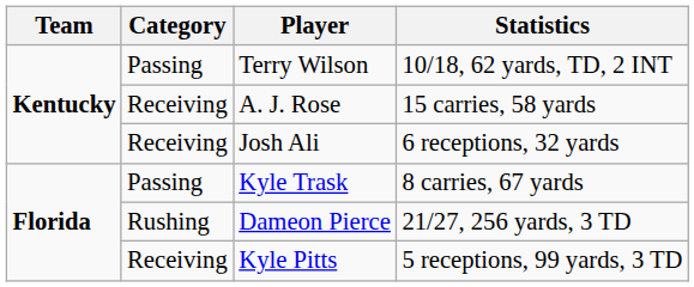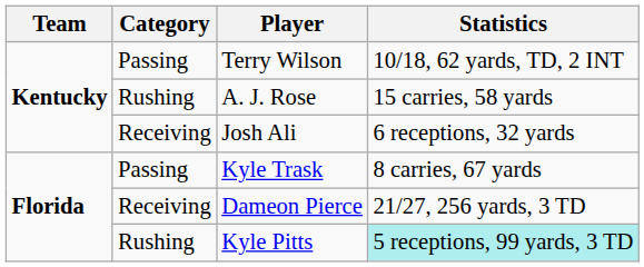 <table class="wikitable" style="float: right;">
 <tr>
 <th>Team</th>
 <th>Category</th>
 <th>Player</th>
 <th>Statistics</th>
 </tr>
 <tr>
 <td rowspan=3><strong>Kentucky</strong></td>
 <td>Passing</td>
 <td>Terry Wilson</td>
 <td>10/18, 62 yards, TD, 2 INT</td>
 </tr>
 <tr>
-<td>Receiving</td>
+<td>Rushing</td>
 <td>A. J. Rose</td>
 <td>15 carries, 58 yards</td>
 </tr>
 <tr>
 <td>Receiving</td>
 <td>Josh Ali</td>
 <td>6 receptions, 32 yards</td>
 </tr>
 <tr>
 <td rowspan=3><strong>Florida</strong></td>
 <td>Passing</td>
 <td><a href='#'>Kyle Trask</a></td>
 <td>8 carries, 67 yards</td>
 </tr>
 <tr>
-<td>Rushing</td>
+<td>Receiving</td>
 <td><a href='#'>Dameon Pierce</a></td>
 <td>21/27, 256 yards, 3 TD</td>
 </tr>
 <tr>
-<td>Receiving</td>
+<td>Rushing</td>
 <td><a href='#'>Kyle Pitts</a></td>
-<td>5 receptions, 99 yards, 3 TD</td>
+<td style="background: paleturquoise;">5 receptions, 99 yards, 3 TD</td>
 </tr>
 </table>
